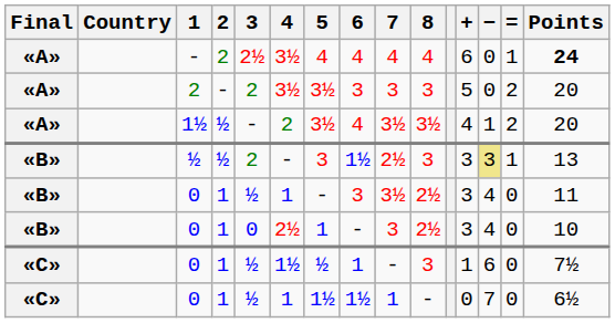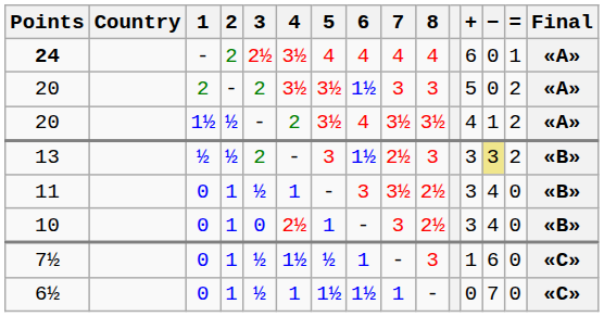 <table class="wikitable" style="text-align:center">
 <tr>
-<th>Final</th>
+<th>Points</th>
 <th>Country</th>
 <th>1</th>
 <th>2</th>
 <th>3</th>
 <th>4</th>
 <th>5</th>
 <th>6</th>
 <th>7</th>
 <th>8</th>
 <th></th>
 <th>+</th>
 <th>−</th>
 <th>=</th>
-<th>Points</th>
+<th>Final</th>
 </tr>
 <tr>
-<th>«A»</th>
+<td><strong>24 </strong></td>
 <td style="text-align: left"></td>
 <td>-</td>
 <td style="color:green;">2</td>
 <td style="color:red;">2½</td>
 <td style="color:red;">3½</td>
 <td style="color:red;">4</td>
 <td style="color:red;">4</td>
 <td style="color:red;">4</td>
 <td style="color:red;">4</td>
 <th></th>
 <td>6</td>
 <td>0</td>
 <td>1</td>
-<td><strong>24 </strong></td>
+<th>«A»</th>
 </tr>
 <tr>
-<th>«A»</th>
+<td>20</td>
 <td style="text-align: left"></td>
 <td style="color:green;">2</td>
 <td>-</td>
 <td style="color:green;">2</td>
 <td style="color:red;">3½</td>
 <td style="color:red;">3½</td>
-<td style="color:red;">3</td>
+<td style="color:blue;">1½</td>
 <td style="color:red;">3</td>
 <td style="color:red;">3</td>
 <th></th>
 <td>5</td>
 <td>0</td>
 <td>2</td>
-<td>20</td>
+<th>«A»</th>
 </tr>
 <tr>
-<th>«A»</th>
+<td>20</td>
 <td style="text-align: left"></td>
 <td style="color:blue;">1½</td>
 <td style="color:blue;">½</td>
 <td>-</td>
 <td style="color:green;">2</td>
 <td style="color:red;">3½</td>
 <td style="color:red;">4</td>
 <td style="color:red;">3½</td>
 <td style="color:red;">3½</td>
 <th></th>
 <td>4</td>
 <td>1</td>
 <td>2</td>
-<td>20</td>
+<th>«A»</th>
 </tr>
 <tr style="border-top:2px solid grey;">
-<th>«B»</th>
+<td>13</td>
 <td style="text-align: left"></td>
 <td style="color:blue;">½</td>
 <td style="color:blue;">½</td>
 <td style="color:green;">2</td>
 <td>-</td>
 <td style="color:red;">3</td>
 <td style="color:blue;">1½</td>
 <td style="color:red;">2½</td>
 <td style="color:red;">3</td>
 <th></th>
 <td>3</td>
 <td style="background: khaki;">3</td>
-<td>1</td>
-<td>13</td>
+<td>2</td>
+<th>«B»</th>
 </tr>
 <tr>
-<th>«B»</th>
+<td>11</td>
 <td style="text-align: left"></td>
 <td style="color:blue;">0</td>
 <td style="color:blue;">1</td>
 <td style="color:blue;">½</td>
 <td style="color:blue;">1</td>
 <td>-</td>
 <td style="color:red;">3</td>
 <td style="color:red;">3½</td>
 <td style="color:red;">2½</td>
 <th></th>
 <td>3</td>
 <td>4</td>
 <td>0</td>
-<td>11</td>
+<th>«B»</th>
 </tr>
 <tr>
-<th>«B»</th>
+<td>10</td>
 <td style="text-align: left"></td>
 <td style="color:blue;">0</td>
 <td style="color:blue;">1</td>
 <td style="color:blue;">0</td>
 <td style="color:red;">2½</td>
 <td style="color:blue;">1</td>
 <td>-</td>
 <td style="color:red;">3</td>
 <td style="color:red;">2½</td>
 <th></th>
 <td>3</td>
 <td>4</td>
 <td>0</td>
-<td>10</td>
+<th>«B»</th>
 </tr>
 <tr style="border-top:2px solid grey;">
-<th>«C»</th>
+<td>7½</td>
 <td style="text-align: left"></td>
 <td style="color:blue;">0</td>
 <td style="color:blue;">1</td>
 <td style="color:blue;">½</td>
 <td style="color:blue;">1½</td>
 <td style="color:blue;">½</td>
 <td style="color:blue;">1</td>
 <td>-</td>
 <td style="color:red;">3</td>
 <th></th>
 <td>1</td>
 <td>6</td>
 <td>0</td>
-<td>7½</td>
+<th>«C»</th>
 </tr>
 <tr>
-<th>«C»</th>
+<td>6½</td>
 <td style="text-align: left"></td>
 <td style="color:blue;">0</td>
 <td style="color:blue;">1</td>
 <td style="color:blue;">½</td>
 <td style="color:blue;">1</td>
 <td style="color:blue;">1½</td>
 <td style="color:blue;">1½</td>
 <td style="color:blue;">1</td>
 <td>-</td>
 <th></th>
 <td>0</td>
 <td>7</td>
 <td>0</td>
-<td>6½</td>
+<th>«C»</th>
 </tr>
 </table>
